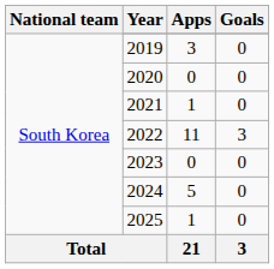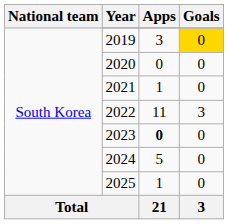 <table class="wikitable" style="text-align:center">
 <tr>
 <th>National team</th>
 <th>Year</th>
 <th>Apps</th>
 <th>Goals</th>
 </tr>
 <tr>
 <td rowspan="8"><a href='#'>South Korea</a></td>
 </tr>
 <tr>
 <td>2019</td>
 <td>3</td>
-<td>0</td>
+<td style="background: gold;">0</td>
 </tr>
 <tr>
 <td>2020</td>
 <td>0</td>
 <td>0</td>
 </tr>
 <tr>
 <td>2021</td>
 <td>1</td>
 <td>0</td>
 </tr>
 <tr>
 <td>2022</td>
 <td>11</td>
 <td>3</td>
 </tr>
 <tr>
 <td>2023</td>
-<td>0</td>
+<td><strong>0</strong></td>
 <td>0</td>
 </tr>
 <tr>
 <td>2024</td>
 <td>5</td>
 <td>0</td>
 </tr>
 <tr>
 <td>2025</td>
 <td>1</td>
 <td>0</td>
 </tr>
 <tr>
 <th colspan="2">Total</th>
 <th>21</th>
 <th>3</th>
 </tr>
 </table>
